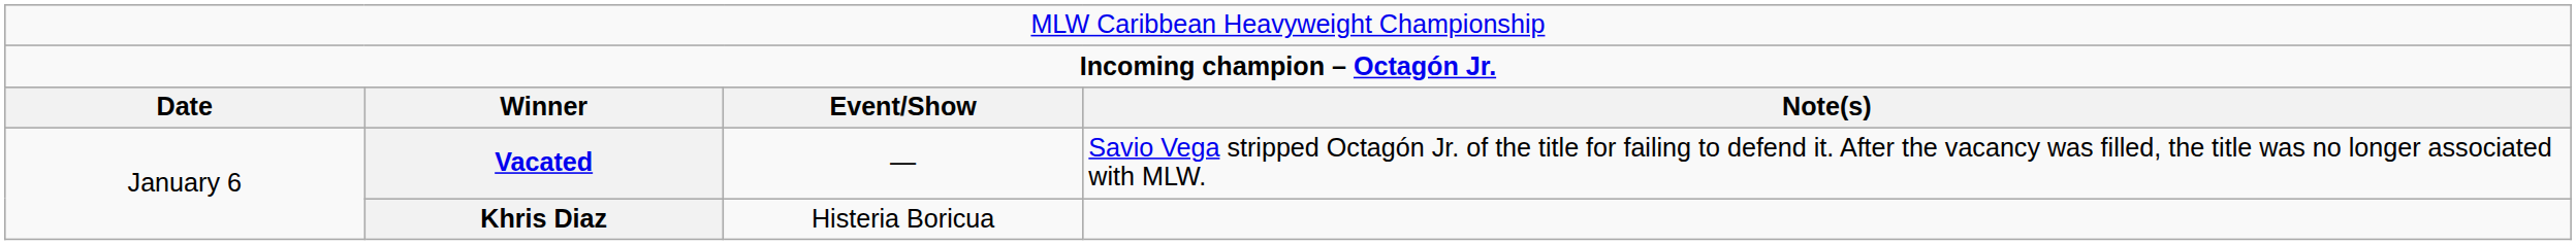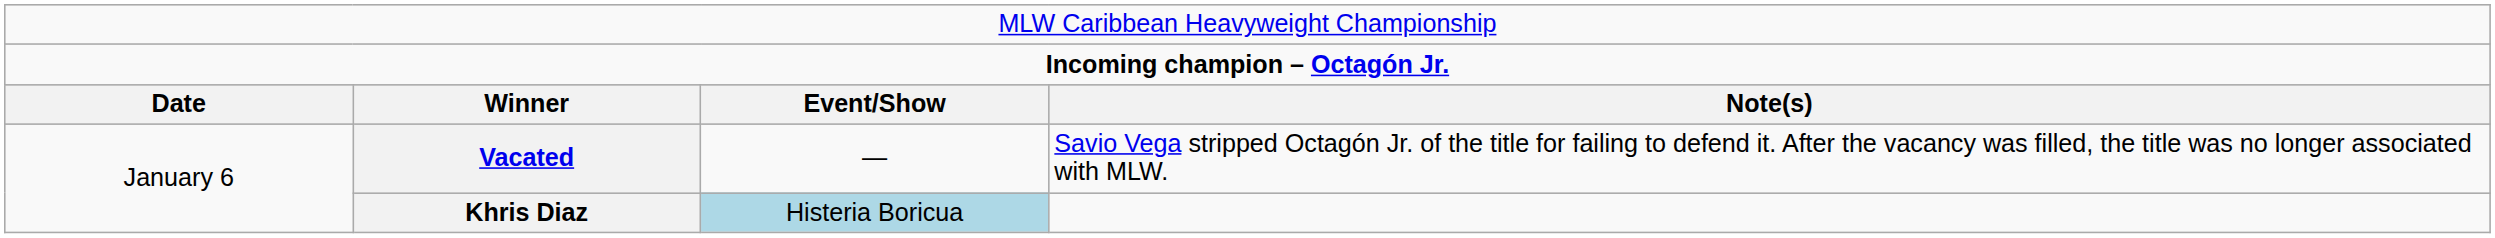 <table class="wikitable" style="text-align:center; width:100%;">
 <tr>
 <td colspan="5" style="text-align: center;"><a href='#'>MLW Caribbean Heavyweight Championship</a></td>
 </tr>
 <tr>
 <td colspan="5" style="text-align: center;"><strong>Incoming champion – <a href='#'>Octagón Jr.</a></strong></td>
 </tr>
 <tr>
 <th width=14%>Date</th>
 <th width=14%>Winner</th>
 <th width=14%>Event/Show</th>
 <th width=58%>Note(s)</th>
 </tr>
 <tr>
 <td rowspan=2>January 6</td>
 <th><a href='#'>Vacated</a></th>
 <td>—</td>
 <td align=left><a href='#'>Savio Vega</a> stripped Octagón Jr. of the title for failing to defend it. After the vacancy was filled, the title was no longer associated with MLW.</td>
 </tr>
 <tr>
 <th>Khris Diaz</th>
-<td>Histeria Boricua</td>
+<td style="background: lightblue;">Histeria Boricua</td>
 <td align=left></td>
 </tr>
 </table>
